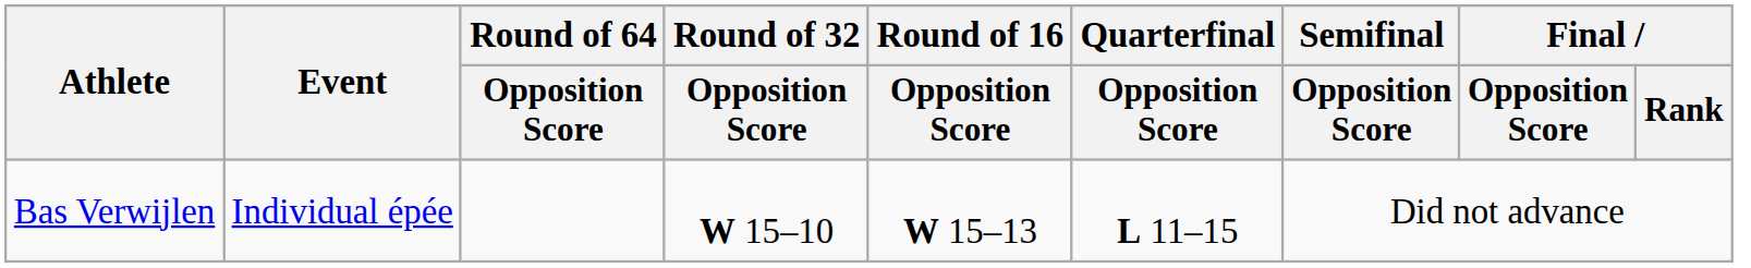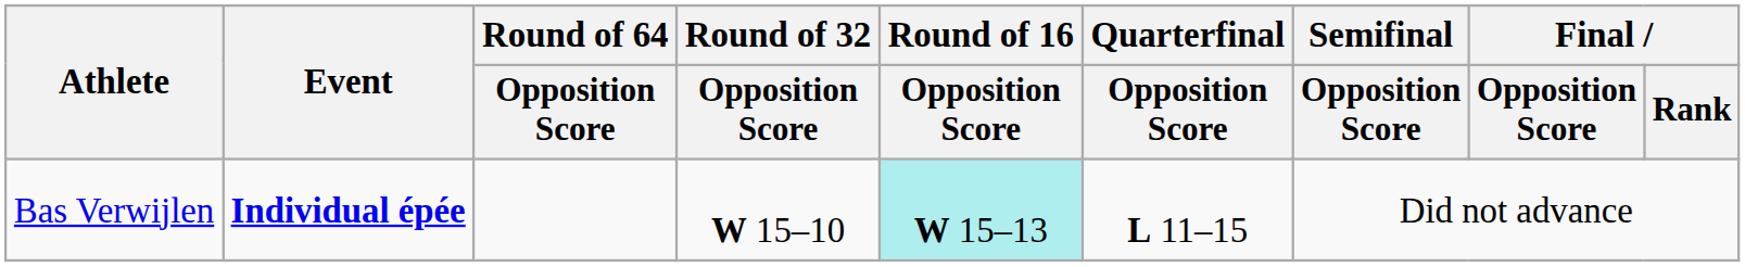 <table class="wikitable" style="font-size:90%">
 <tr>
 <th rowspan="2">Athlete</th>
 <th rowspan="2">Event</th>
 <th>Round of 64</th>
 <th>Round of 32</th>
 <th>Round of 16</th>
 <th>Quarterfinal</th>
 <th>Semifinal</th>
 <th colspan=2>Final / </th>
 </tr>
 <tr style="font-size:95%">
 <th>Opposition <br> Score</th>
 <th>Opposition <br> Score</th>
 <th>Opposition <br> Score</th>
 <th>Opposition <br> Score</th>
 <th>Opposition <br> Score</th>
 <th>Opposition <br> Score</th>
 <th>Rank</th>
 </tr>
 <tr align=center>
 <td align=left><a href='#'>Bas Verwijlen</a></td>
-<td align=left><a href='#'>Individual épée</a></td>
+<td align=left><strong><a href='#'>Individual épée</a></strong></td>
 <td></td>
 <td><br><strong>W</strong> 15–10</td>
-<td><br><strong>W</strong> 15–13</td>
+<td style="background: paleturquoise;"><br><strong>W</strong> 15–13</td>
 <td><br><strong>L</strong> 11–15</td>
 <td colspan=3>Did not advance</td>
 </tr>
 </table>
